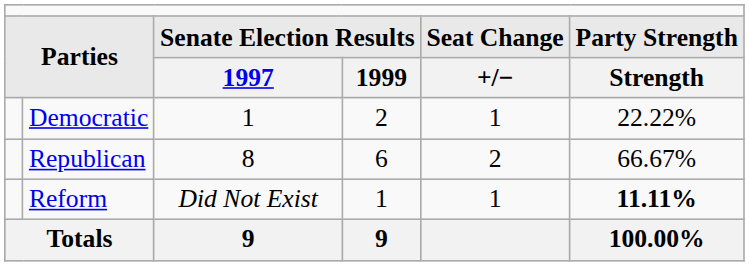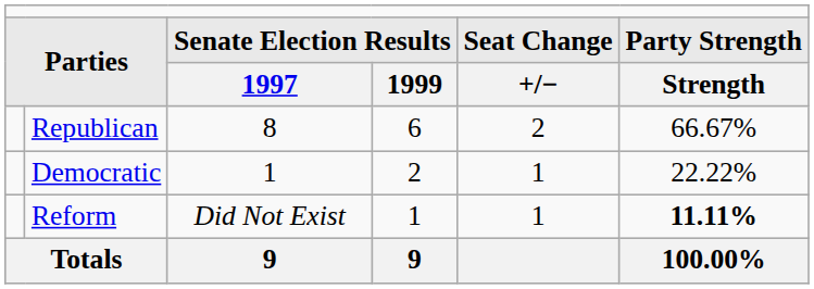 <table class   ="wikitable">
 <tr>
 <td colspan="6"></td>
 </tr>
 <tr>
 <th style   ="background:#e9e9e9; text-align:center" rowspan="2" colspan="2">Parties</th>
 <th style   ="background:#e9e9e9; text-align:center" colspan="2">Senate Election Results</th>
 <th style   ="background:#e9e9e9; text-align:center" colspan="1">Seat Change</th>
 <th style   ="background:#e9e9e9; text-align:center" colspan="1">Party Strength</th>
 </tr>
 <tr style ="background:#e9e9e9">
 <th><a href='#'>1997</a></th>
 <th>1999</th>
 <th>+/−</th>
 <th>Strength</th>
 </tr>
 <tr>
 <td style="background-color:"> </td>
+<td><a href='#'>Republican</a></td>
+<td align = center>8</td>
+<td align = center>6</td>
+<td align = center>2 </td>
+<td align = center>66.67%</td>
+</tr>
+<tr>
+<td style="background-color:"> </td>
 <td><a href='#'>Democratic</a></td>
 <td align = center>1</td>
 <td align = center>2</td>
 <td align = center>1 </td>
 <td align = center>22.22%</td>
-</tr>
-<tr>
-<td style="background-color:"> </td>
-<td><a href='#'>Republican</a></td>
-<td align = center>8</td>
-<td align = center>6</td>
-<td align = center>2 </td>
-<td align = center>66.67%</td>
 </tr>
 <tr>
 <td style="background-color:"> </td>
 <td><a href='#'>Reform</a></td>
 <td align = center><em>Did Not Exist</em></td>
 <td align = center>1</td>
 <td align = center>1 </td>
 <td align = center><strong>11.11%</strong></td>
 </tr>
 <tr style = "background:#ccc">
 <th colspan = "2">Totals</th>
 <th>9</th>
 <th>9</th>
 <th></th>
 <th>100.00%</th>
 </tr>
 </table>
